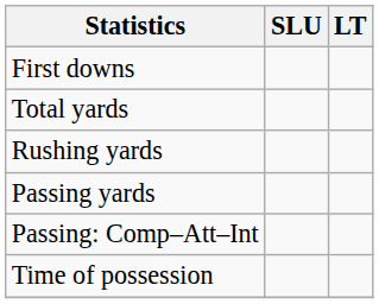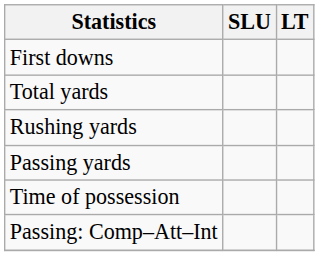 <table class="wikitable" style="float: left;">
 <tr>
 <th>Statistics</th>
 <th>SLU</th>
 <th>LT</th>
 </tr>
 <tr>
 <td>First downs</td>
 <td></td>
 <td></td>
 </tr>
 <tr>
 <td>Total yards</td>
 <td></td>
 <td></td>
 </tr>
 <tr>
 <td>Rushing yards</td>
 <td></td>
 <td></td>
 </tr>
 <tr>
 <td>Passing yards</td>
 <td></td>
 <td></td>
 </tr>
 <tr>
-<td>Passing: Comp–Att–Int</td>
+<td>Time of possession</td>
 <td></td>
 <td></td>
 </tr>
 <tr>
-<td>Time of possession</td>
+<td>Passing: Comp–Att–Int</td>
 <td></td>
 <td></td>
 </tr>
 <tr>
 </tr>
 </table>
